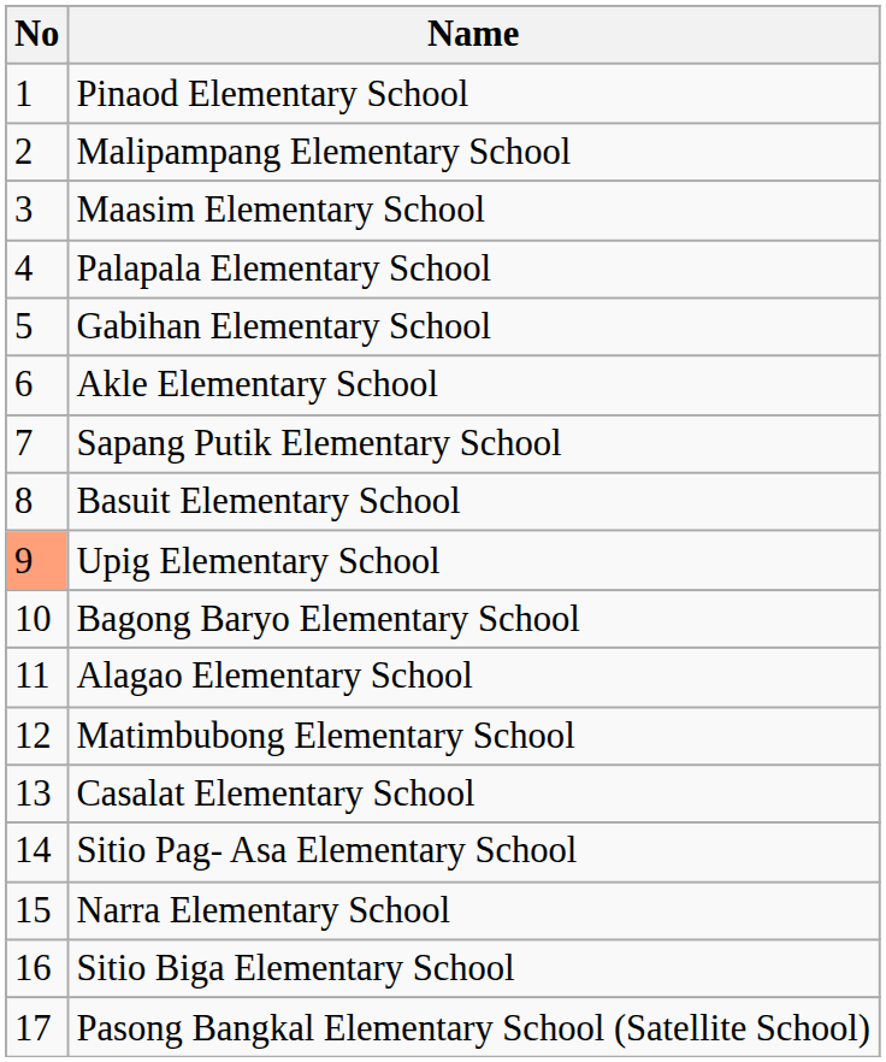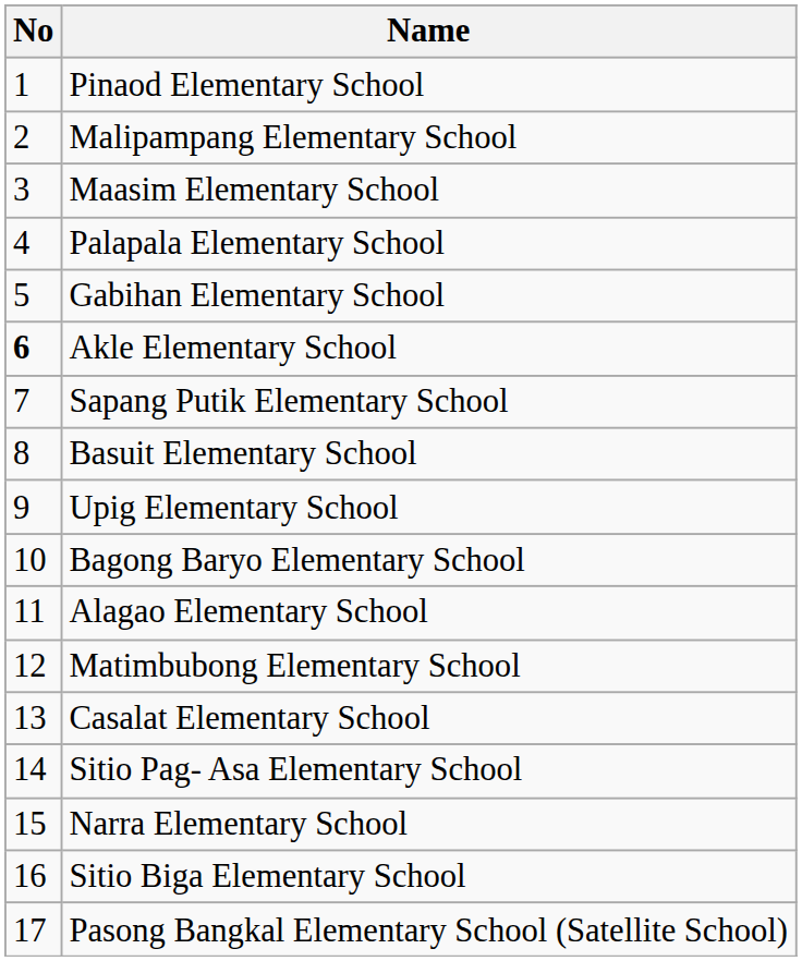 <table class="wikitable sortable" style:"text-align: center">
 <tr>
 <th>No</th>
 <th>Name</th>
 </tr>
 <tr>
 <td>1</td>
 <td align=left>Pinaod Elementary School</td>
 </tr>
 <tr>
 <td>2</td>
 <td align=left>Malipampang Elementary School</td>
 </tr>
 <tr>
 <td>3</td>
 <td align=left>Maasim Elementary School</td>
 </tr>
 <tr>
 <td>4</td>
 <td align=left>Palapala Elementary School</td>
 </tr>
 <tr>
 <td>5</td>
 <td align=left>Gabihan Elementary School</td>
 </tr>
 <tr>
-<td>6</td>
+<td><strong>6</strong></td>
 <td align=left>Akle Elementary School</td>
 </tr>
 <tr>
 <td>7</td>
 <td align=left>Sapang Putik Elementary School</td>
 </tr>
 <tr>
 <td>8</td>
 <td align=left>Basuit Elementary School</td>
 </tr>
 <tr>
-<td style="background: lightsalmon;">9</td>
+<td>9</td>
 <td align=left>Upig Elementary School</td>
 </tr>
 <tr>
 <td>10</td>
 <td align=left>Bagong Baryo Elementary School</td>
 </tr>
 <tr>
 <td>11</td>
 <td align=left>Alagao Elementary School</td>
 </tr>
 <tr>
 <td>12</td>
 <td align=left>Matimbubong Elementary School</td>
 </tr>
 <tr>
 <td>13</td>
 <td align=left>Casalat Elementary School</td>
 </tr>
 <tr>
 <td>14</td>
 <td align=left>Sitio Pag- Asa Elementary School</td>
 </tr>
 <tr>
 <td>15</td>
 <td align=left>Narra Elementary School</td>
 </tr>
 <tr>
 <td>16</td>
 <td align=left>Sitio Biga Elementary School</td>
 </tr>
 <tr>
 <td>17</td>
 <td align=left>Pasong Bangkal Elementary School (Satellite School)</td>
 </tr>
 <tr>
 </tr>
 </table>
